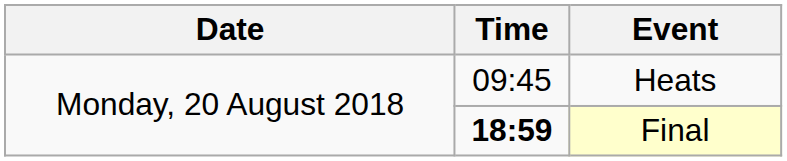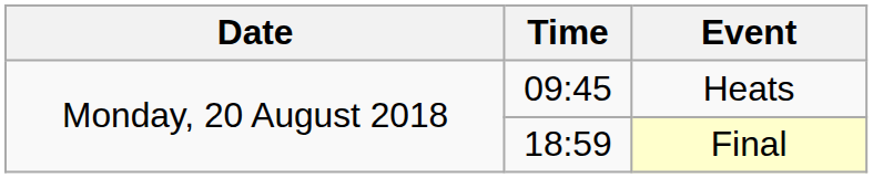 <table class = "wikitable" style="text-align:center;">
 <tr>
 <th width=220>Date</th>
 <th width=50>Time</th>
 <th width=100>Event</th>
 </tr>
 <tr>
 <td rowspan=2>Monday, 20 August 2018</td>
 <td>09:45</td>
 <td>Heats</td>
 </tr>
 <tr>
-<td><strong>18:59</strong></td>
+<td>18:59</td>
 <td bgcolor=ffffcc>Final</td>
 </tr>
 </table>
